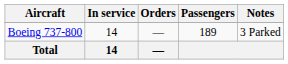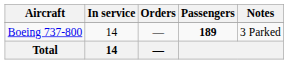 <table class="wikitable" style="border-collapse:collapse; text-align:center; margin:auto;">
 <tr>
 <th>Aircraft</th>
 <th>In service</th>
 <th>Orders</th>
 <th>Passengers</th>
 <th>Notes</th>
 </tr>
 <tr>
 </tr>
 <tr>
 <td><a href='#'>Boeing 737-800</a></td>
 <td>14</td>
 <td>—</td>
-<td>189</td>
+<td><strong>189</strong></td>
 <td>3 Parked</td>
 </tr>
 <tr>
 <th>Total</th>
 <th>14</th>
 <th>—</th>
 <th colspan=2></th>
 </tr>
 </table>
